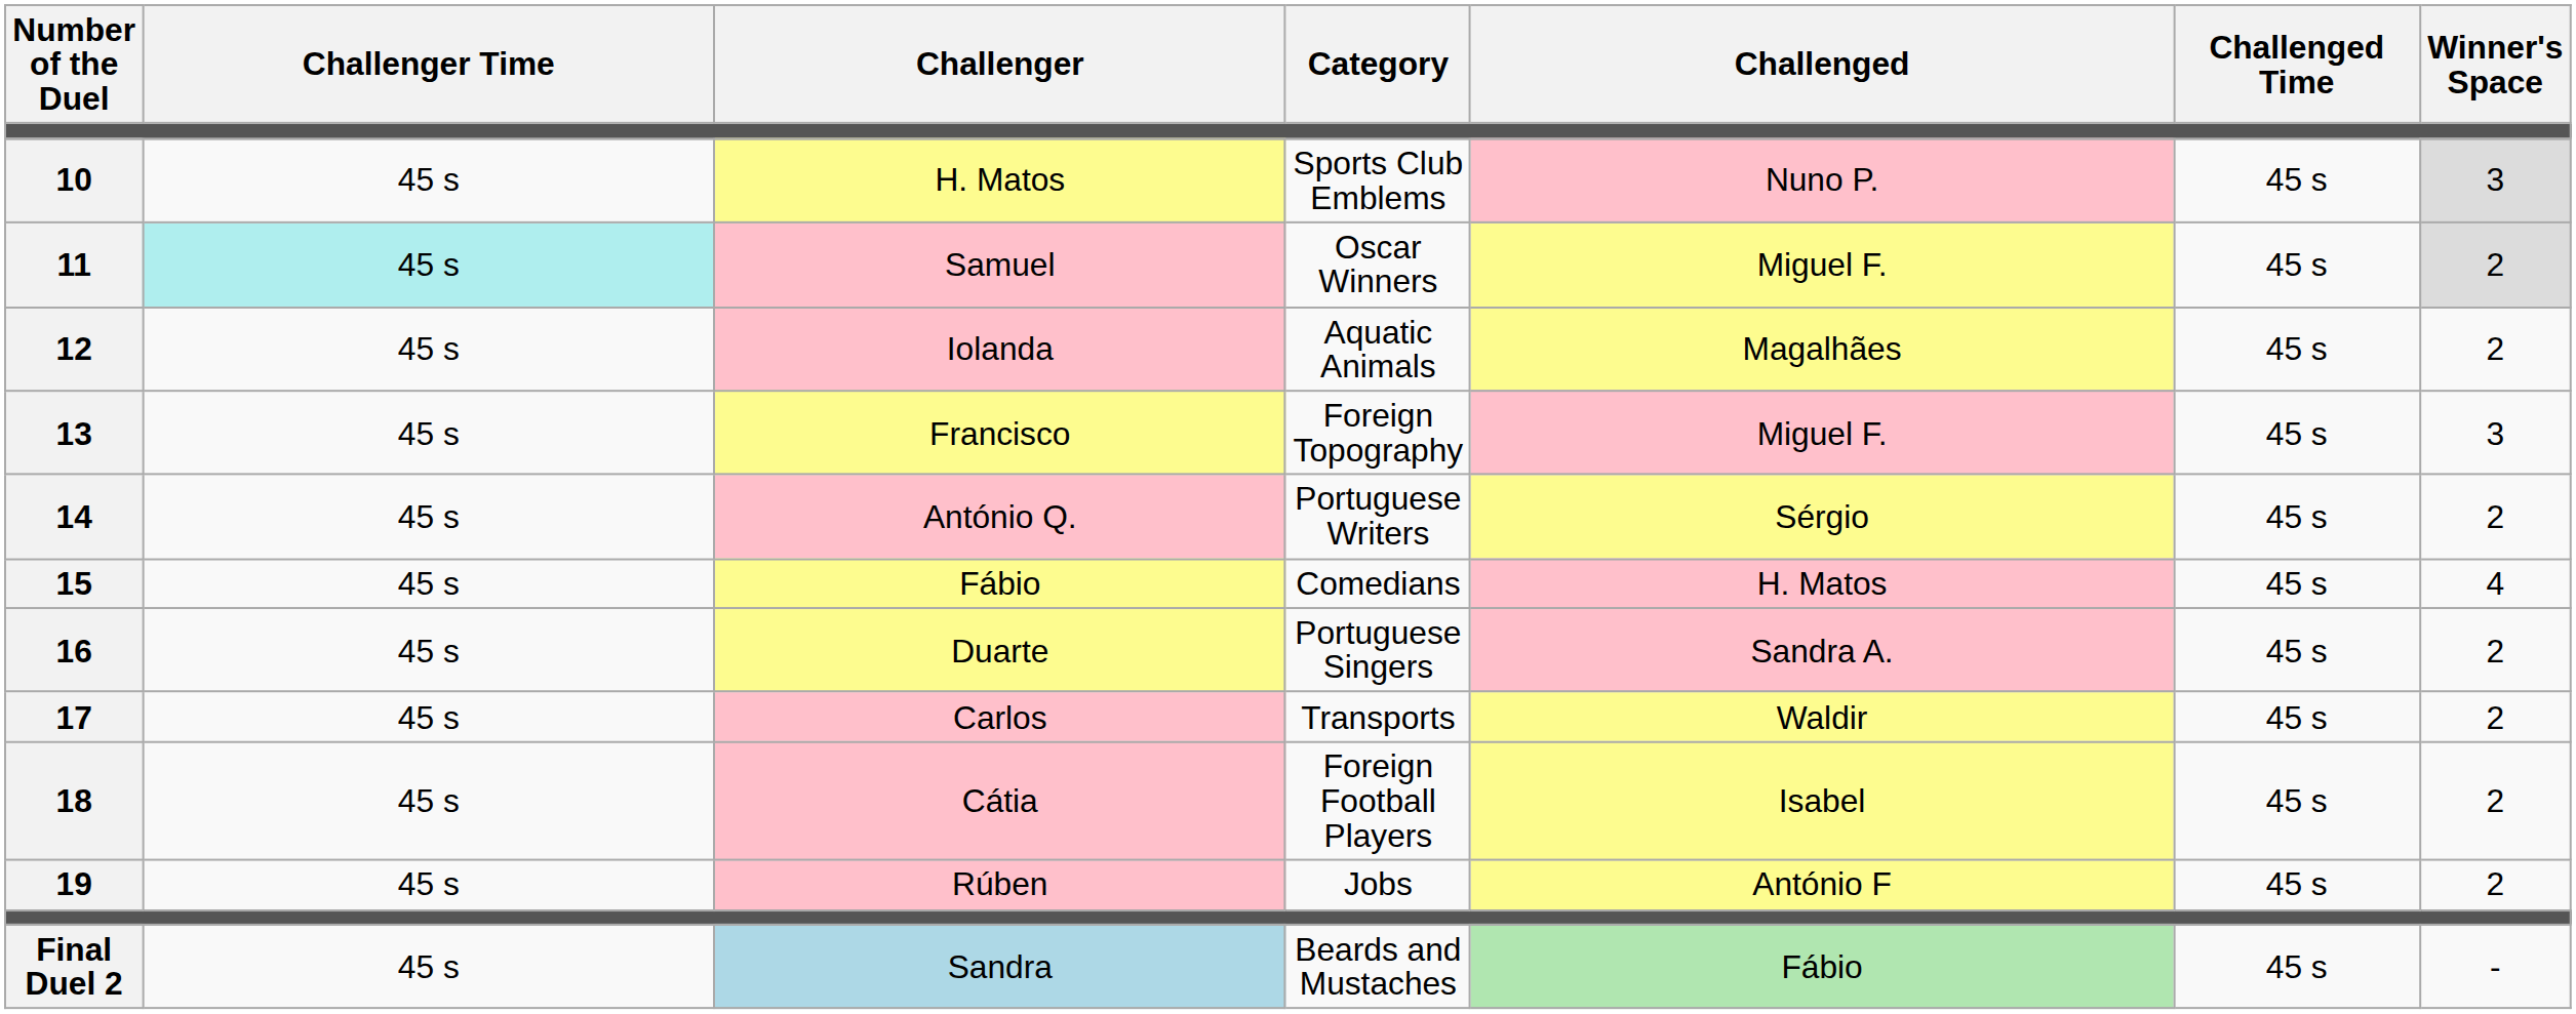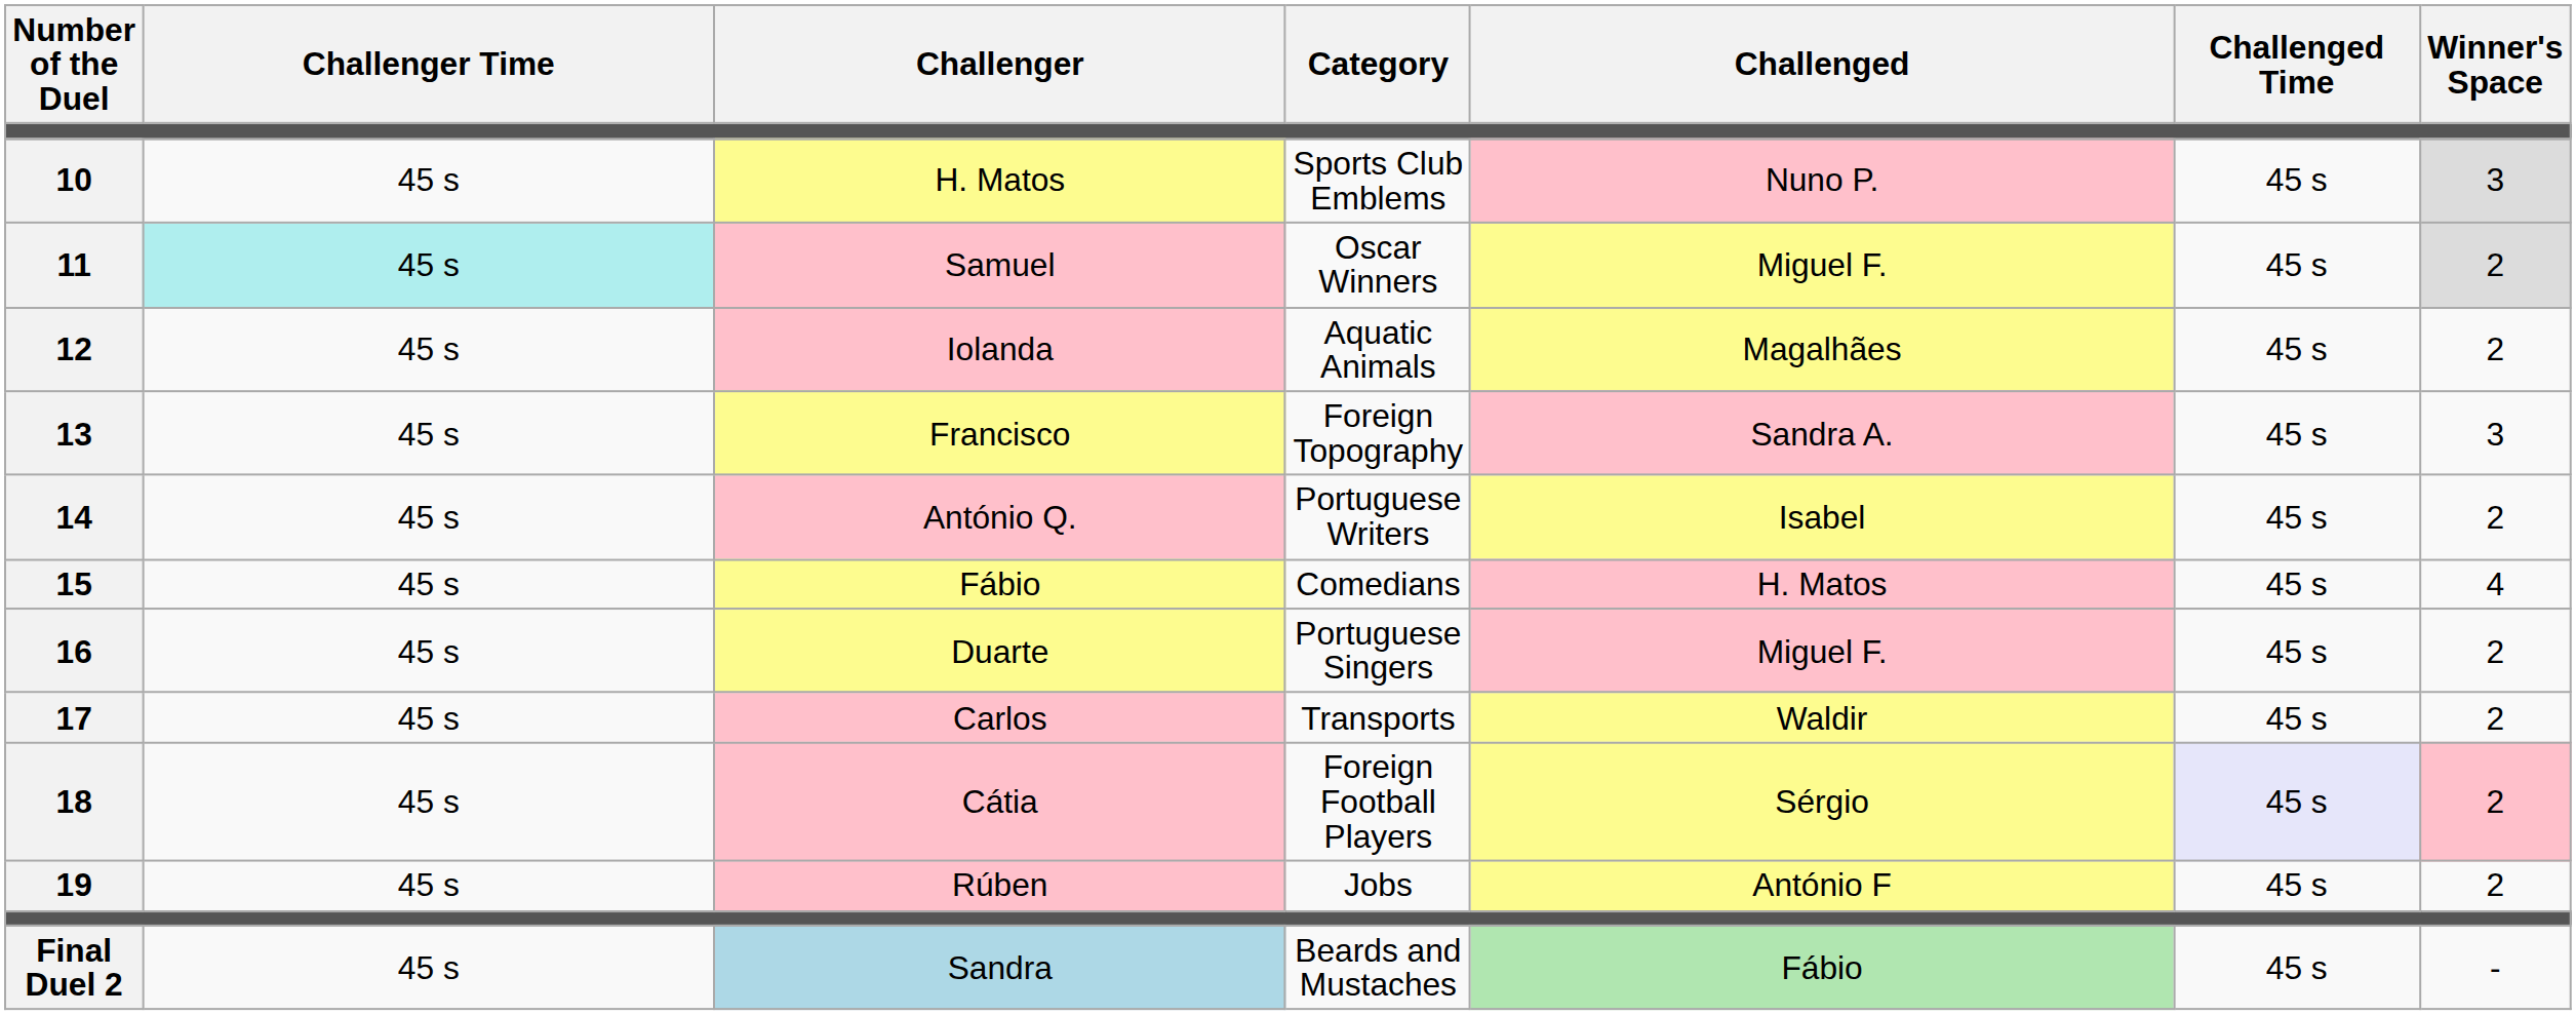 <table class="wikitable" style="text-align:center; line-height:17px; width:100%">
 <tr>
 <th rowspan="1" scope="col" style="width:02%">Number of the Duel</th>
 <th rowspan="1" scope="col" style="width:25%">Challenger Time</th>
 <th rowspan="1" scope="col" style="width:25%">Challenger</th>
 <th rowspan="1" scope="col" style="width:07%">Category</th>
 <th rowspan="1" scope="col" style="width:31%">Challenged</th>
 <th rowspan="1" scope="col" style="width:25%">Challenged Time</th>
 <th rowspan="1" scope="col" style="width:25%">Winner's Space</th>
 </tr>
 <tr>
 <td colspan="7" style="background:#555"></td>
 </tr>
 <tr>
 <th>10</th>
 <td>45 s</td>
 <td style="background:#fdfc8f;">H. Matos</td>
 <td>Sports Club Emblems</td>
 <td style="background:pink; ">Nuno P.</td>
 <td>45 s</td>
 <td style="background:#DCDCDC; ">3</td>
 </tr>
 <tr>
 <th>11</th>
 <td style="background: paleturquoise;">45 s</td>
 <td style="background:pink; ">Samuel</td>
 <td>Oscar Winners</td>
 <td style="background:#fdfc8f;">Miguel F.</td>
 <td>45 s</td>
 <td style="background:#DCDCDC; ">2</td>
 </tr>
 <tr>
 <th>12</th>
 <td>45 s</td>
 <td style="background:pink; ">Iolanda</td>
 <td>Aquatic Animals</td>
 <td style="background:#fdfc8f;">Magalhães</td>
 <td>45 s</td>
 <td>2</td>
 </tr>
 <tr>
 <th>13</th>
 <td>45 s</td>
 <td style="background:#fdfc8f;">Francisco</td>
 <td>Foreign Topography</td>
-<td style="background: pink;">Miguel F.</td>
+<td style="background: pink;">Sandra A.</td>
 <td>45 s</td>
 <td>3</td>
 </tr>
 <tr>
 <th>14</th>
 <td>45 s</td>
 <td style="background: pink;">António Q.</td>
 <td>Portuguese Writers</td>
-<td style="background:#fdfc8f;">Sérgio</td>
+<td style="background:#fdfc8f;">Isabel</td>
 <td>45 s</td>
 <td>2</td>
 </tr>
 <tr>
 <th>15</th>
 <td>45 s</td>
 <td style="background:#fdfc8f;">Fábio</td>
 <td>Comedians</td>
 <td style="background: pink;">H. Matos</td>
 <td>45 s</td>
 <td>4</td>
 </tr>
 <tr>
 <th>16</th>
 <td>45 s</td>
 <td style="background:#fdfc8f;">Duarte</td>
 <td>Portuguese Singers</td>
-<td style="background: pink;">Sandra A.</td>
+<td style="background: pink;">Miguel F.</td>
 <td>45 s</td>
 <td>2</td>
 </tr>
 <tr>
 <th>17</th>
 <td>45 s</td>
 <td style="background: pink;">Carlos</td>
 <td>Transports</td>
 <td style="background:#fdfc8f;">Waldir</td>
 <td>45 s</td>
 <td>2</td>
 </tr>
 <tr>
 <th>18</th>
 <td>45 s</td>
 <td style="background: pink;">Cátia</td>
 <td>Foreign Football Players</td>
-<td style="background:#fdfc8f;">Isabel</td>
-<td>45 s</td>
-<td>2</td>
+<td style="background:#fdfc8f;">Sérgio</td>
+<td style="background: lavender;">45 s</td>
+<td style="background: pink;">2</td>
 </tr>
 <tr>
 <th>19</th>
 <td>45 s</td>
 <td style="background: pink;">Rúben</td>
 <td>Jobs</td>
 <td style="background:#fdfc8f;">António F</td>
 <td>45 s</td>
 <td>2</td>
 </tr>
 <tr>
 <td colspan="7" style="background:#555"></td>
 </tr>
 <tr>
 <th>Final Duel 2</th>
 <td>45 s</td>
 <td style="background:lightblue;">Sandra</td>
 <td>Beards and Mustaches</td>
 <td style="background:#b0e6b0; ">Fábio</td>
 <td>45 s</td>
 <td>-</td>
 </tr>
 </table>
